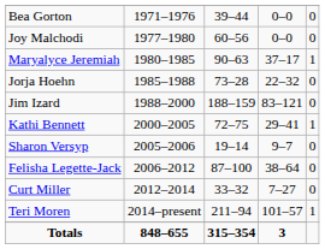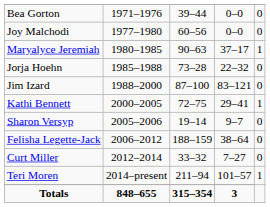 <table class="wikitable" style="text-align:center">
 <tr>
 </tr>
 <tr>
 <td style="text-align:left">Bea Gorton</td>
 <td>1971–1976</td>
 <td>39–44</td>
 <td>0–0</td>
 <td>0</td>
 </tr>
 <tr>
 <td style="text-align:left">Joy Malchodi</td>
 <td>1977–1980</td>
 <td>60–56</td>
 <td>0–0</td>
 <td>0</td>
 </tr>
 <tr>
 <td style="text-align:left"><a href='#'>Maryalyce Jeremiah</a></td>
 <td>1980–1985</td>
 <td>90–63</td>
 <td>37–17</td>
 <td>1</td>
 </tr>
 <tr>
 <td style="text-align:left">Jorja Hoehn</td>
 <td>1985–1988</td>
 <td>73–28</td>
 <td>22–32</td>
 <td>0</td>
 </tr>
 <tr>
 <td style="text-align:left">Jim Izard</td>
 <td>1988–2000</td>
-<td>188–159</td>
+<td>87–100</td>
 <td>83–121</td>
 <td>0</td>
 </tr>
 <tr>
 <td style="text-align:left"><a href='#'>Kathi Bennett</a></td>
 <td>2000–2005</td>
 <td>72–75</td>
 <td>29–41</td>
 <td>1</td>
 </tr>
 <tr>
 <td style="text-align:left"><a href='#'>Sharon Versyp</a></td>
 <td>2005–2006</td>
 <td>19–14</td>
 <td>9–7</td>
 <td>0</td>
 </tr>
 <tr>
 <td style="text-align:left"><a href='#'>Felisha Legette-Jack</a></td>
 <td>2006–2012</td>
-<td>87–100</td>
+<td>188–159</td>
 <td>38–64</td>
 <td>0</td>
 </tr>
 <tr>
 <td style="text-align:left"><a href='#'>Curt Miller</a></td>
 <td>2012–2014</td>
 <td>33–32</td>
 <td>7–27</td>
 <td>0</td>
 </tr>
 <tr>
 <td style="text-align:left"><a href='#'>Teri Moren</a></td>
 <td>2014–present</td>
 <td>211–94</td>
 <td>101–57</td>
 <td>1</td>
 </tr>
 <tr>
 </tr>
 <tr>
 <td><strong>Totals</strong></td>
 <td><strong>848–655</strong></td>
 <td><strong>315–354</strong></td>
 <td><strong>3</strong></td>
 </tr>
 </table>
